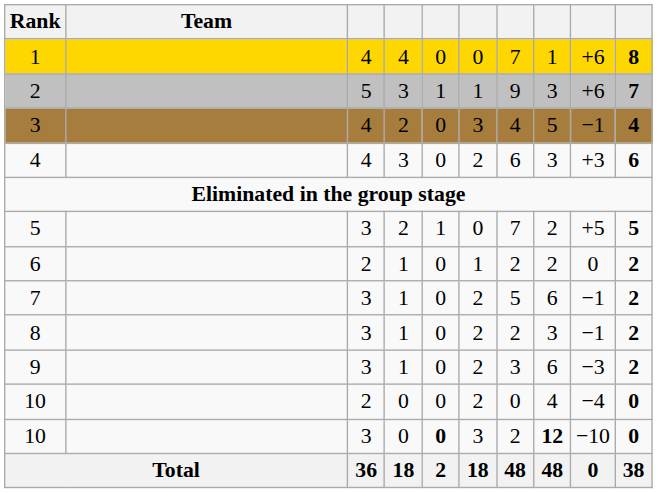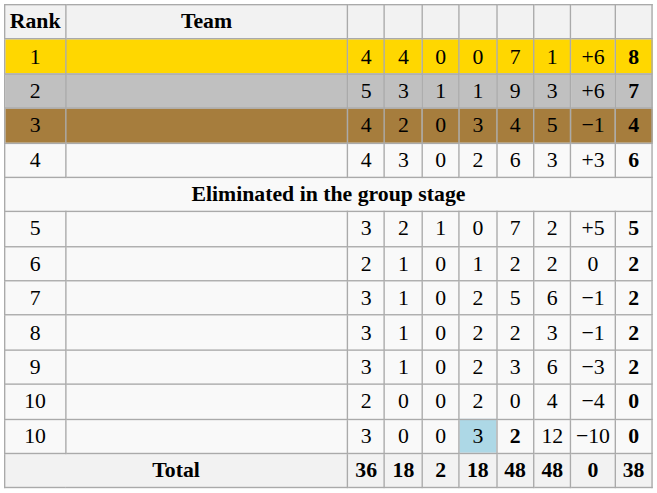 <table class="wikitable" style="text-align:center">
 <tr>
 <th width=20>Rank</th>
 <th width=200>Team</th>
 <th width="20"></th>
 <th width="20"></th>
 <th width="20"></th>
 <th width="20"></th>
 <th width="20"></th>
 <th width="20"></th>
 <th width="20"></th>
 <th width="20"></th>
 </tr>
 <tr style="background:gold;">
 <td>1</td>
 <td style="text-align:left;"></td>
 <td>4</td>
 <td>4</td>
 <td>0</td>
 <td>0</td>
 <td>7</td>
 <td>1</td>
 <td>+6</td>
 <td><strong>8</strong></td>
 </tr>
 <tr style="background:silver;">
 <td>2</td>
 <td style="text-align:left;"></td>
 <td>5</td>
 <td>3</td>
 <td>1</td>
 <td>1</td>
 <td>9</td>
 <td>3</td>
 <td>+6</td>
 <td><strong>7</strong></td>
 </tr>
 <tr style="background:#a67d3d;">
 <td>3</td>
 <td style="text-align:left;"></td>
 <td>4</td>
 <td>2</td>
 <td>0</td>
 <td>3</td>
 <td>4</td>
 <td>5</td>
 <td>−1</td>
 <td><strong>4</strong></td>
 </tr>
 <tr>
 <td>4</td>
 <td style="text-align:left;"></td>
 <td>4</td>
 <td>3</td>
 <td>0</td>
 <td>2</td>
 <td>6</td>
 <td>3</td>
 <td>+3</td>
 <td><strong>6</strong></td>
 </tr>
 <tr>
 <td colspan=14><strong>Eliminated in the group stage</strong></td>
 </tr>
 <tr>
 <td>5</td>
 <td style="text-align:left;"></td>
 <td>3</td>
 <td>2</td>
 <td>1</td>
 <td>0</td>
 <td>7</td>
 <td>2</td>
 <td>+5</td>
 <td><strong>5</strong></td>
 </tr>
 <tr>
 <td>6</td>
 <td style="text-align:left;"></td>
 <td>2</td>
 <td>1</td>
 <td>0</td>
 <td>1</td>
 <td>2</td>
 <td>2</td>
 <td>0</td>
 <td><strong>2</strong></td>
 </tr>
 <tr>
 <td>7</td>
 <td style="text-align:left;"></td>
 <td>3</td>
 <td>1</td>
 <td>0</td>
 <td>2</td>
 <td>5</td>
 <td>6</td>
 <td>−1</td>
 <td><strong>2</strong></td>
 </tr>
 <tr>
 <td>8</td>
 <td style="text-align:left;"></td>
 <td>3</td>
 <td>1</td>
 <td>0</td>
 <td>2</td>
 <td>2</td>
 <td>3</td>
 <td>−1</td>
 <td><strong>2</strong></td>
 </tr>
 <tr>
 <td>9</td>
 <td style="text-align:left;"></td>
 <td>3</td>
 <td>1</td>
 <td>0</td>
 <td>2</td>
 <td>3</td>
 <td>6</td>
 <td>−3</td>
 <td><strong>2</strong></td>
 </tr>
 <tr>
 <td>10</td>
 <td style="text-align:left;"></td>
 <td>2</td>
 <td>0</td>
 <td>0</td>
 <td>2</td>
 <td>0</td>
 <td>4</td>
 <td>−4</td>
 <td><strong>0</strong></td>
 </tr>
 <tr>
 <td>10</td>
 <td style="text-align:left;"></td>
 <td>3</td>
 <td>0</td>
-<td><strong>0</strong></td>
-<td>3</td>
-<td>2</td>
-<td><strong>12</strong></td>
+<td>0</td>
+<td style="background: lightblue;">3</td>
+<td><strong>2</strong></td>
+<td>12</td>
 <td>−10</td>
 <td><strong>0</strong></td>
 </tr>
 <tr>
 <th colspan=2>Total</th>
 <th>36</th>
 <th>18</th>
 <th>2</th>
 <th>18</th>
 <th>48</th>
 <th>48</th>
 <th>0</th>
 <th>38</th>
 </tr>
 </table>
